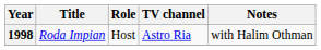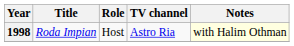 <table class="wikitable">
 <tr>
 <th>Year</th>
 <th>Title</th>
 <th>Role</th>
 <th>TV channel</th>
 <th>Notes</th>
 </tr>
 <tr>
 <th>1998</th>
 <td><em><a href='#'>Roda Impian</a></em></td>
 <td>Host</td>
 <td><a href='#'>Astro Ria</a></td>
-<td>with Halim Othman</td>
+<td style="background: lightyellow;">with Halim Othman</td>
 </tr>
 <tr>
 </tr>
 </table>
